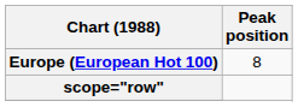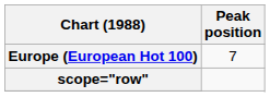 <table class="wikitable sortable plainrowheaders">
 <tr>
 <th>Chart (1988)</th>
 <th>Peak<br>position</th>
 </tr>
 <tr>
 <th scope="row">Europe (<a href='#'>European Hot 100</a>)</th>
-<td align="center">8</td>
+<td align="center">7</td>
 </tr>
 <tr>
 <th>scope="row"</th>
 </tr>
 <tr>
 </tr>
 </table>
